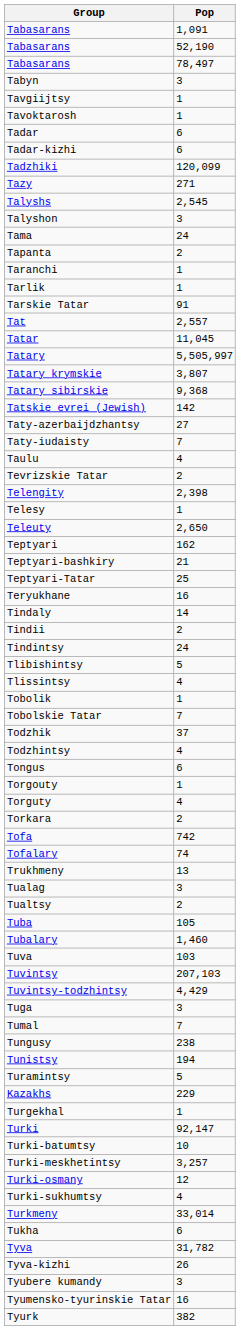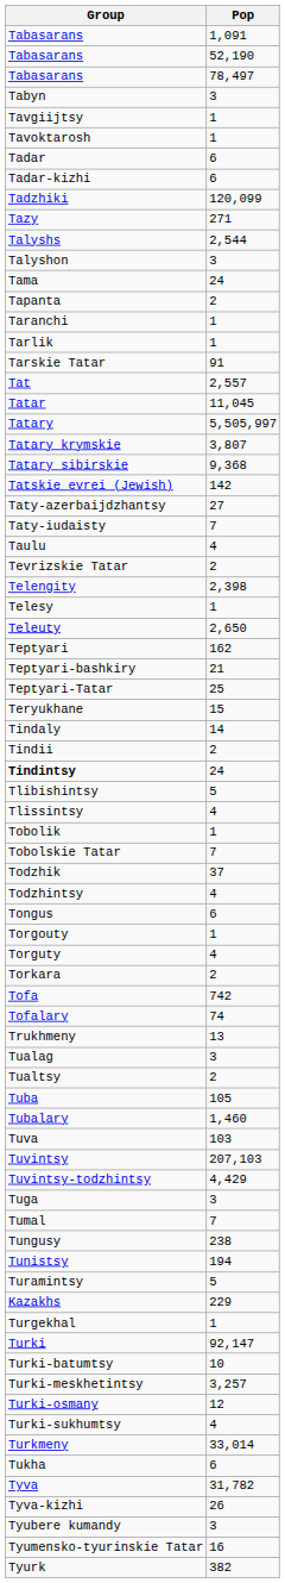 <table class = "wikitable sortable">
 <tr>
 <th>Group</th>
 <th>Pop</th>
 </tr>
 <tr>
 <td><a href='#'>Tabasarans</a></td>
 <td>1,091</td>
 </tr>
 <tr>
 <td><a href='#'>Tabasarans</a></td>
 <td>52,190</td>
 </tr>
 <tr>
 <td><a href='#'>Tabasarans</a></td>
 <td>78,497</td>
 </tr>
 <tr>
 <td>Tabyn</td>
 <td>3</td>
 </tr>
 <tr>
 <td>Tavgiijtsy</td>
 <td>1</td>
 </tr>
 <tr>
 <td>Tavoktarosh</td>
 <td>1</td>
 </tr>
 <tr>
 <td>Tadar</td>
 <td>6</td>
 </tr>
 <tr>
 <td>Tadar-kizhi</td>
 <td>6</td>
 </tr>
 <tr>
 <td><a href='#'>Tadzhiki</a></td>
 <td>120,099</td>
 </tr>
 <tr>
 <td><a href='#'>Tazy</a></td>
 <td>271</td>
 </tr>
 <tr>
 <td><a href='#'>Talyshs</a></td>
-<td>2,545</td>
+<td>2,544</td>
 </tr>
 <tr>
 <td>Talyshon</td>
 <td>3</td>
 </tr>
 <tr>
 <td>Tama</td>
 <td>24</td>
 </tr>
 <tr>
 <td>Tapanta</td>
 <td>2</td>
 </tr>
 <tr>
 <td>Taranchi</td>
 <td>1</td>
 </tr>
 <tr>
 <td>Tarlik</td>
 <td>1</td>
 </tr>
 <tr>
 <td>Tarskie Tatar</td>
 <td>91</td>
 </tr>
 <tr>
 <td><a href='#'>Tat</a></td>
 <td>2,557</td>
 </tr>
 <tr>
 <td><a href='#'>Tatar</a></td>
 <td>11,045</td>
 </tr>
 <tr>
 <td><a href='#'>Tatary</a></td>
 <td>5,505,997</td>
 </tr>
 <tr>
 <td><a href='#'>Tatary krymskie</a></td>
 <td>3,807</td>
 </tr>
 <tr>
 <td><a href='#'>Tatary sibirskie</a></td>
 <td>9,368</td>
 </tr>
 <tr>
 <td><a href='#'>Tatskie evrei (Jewish)</a></td>
 <td>142</td>
 </tr>
 <tr>
 <td>Taty-azerbaijdzhantsy</td>
 <td>27</td>
 </tr>
 <tr>
 <td>Taty-iudaisty</td>
 <td>7</td>
 </tr>
 <tr>
 <td>Taulu</td>
 <td>4</td>
 </tr>
 <tr>
 <td>Tevrizskie Tatar</td>
 <td>2</td>
 </tr>
 <tr>
 <td><a href='#'>Telengity</a></td>
 <td>2,398</td>
 </tr>
 <tr>
 <td>Telesy</td>
 <td>1</td>
 </tr>
 <tr>
 <td><a href='#'>Teleuty</a></td>
 <td>2,650</td>
 </tr>
 <tr>
 <td>Teptyari</td>
 <td>162</td>
 </tr>
 <tr>
 <td>Teptyari-bashkiry</td>
 <td>21</td>
 </tr>
 <tr>
 <td>Teptyari-Tatar</td>
 <td>25</td>
 </tr>
 <tr>
 <td>Teryukhane</td>
-<td>16</td>
+<td>15</td>
 </tr>
 <tr>
 <td>Tindaly</td>
 <td>14</td>
 </tr>
 <tr>
 <td>Tindii</td>
 <td>2</td>
 </tr>
 <tr>
-<td>Tindintsy</td>
+<td><strong>Tindintsy</strong></td>
 <td>24</td>
 </tr>
 <tr>
 <td>Tlibishintsy</td>
 <td>5</td>
 </tr>
 <tr>
 <td>Tlissintsy</td>
 <td>4</td>
 </tr>
 <tr>
 <td>Tobolik</td>
 <td>1</td>
 </tr>
 <tr>
 <td>Tobolskie Tatar</td>
 <td>7</td>
 </tr>
 <tr>
 <td>Todzhik</td>
 <td>37</td>
 </tr>
 <tr>
 <td>Todzhintsy</td>
 <td>4</td>
 </tr>
 <tr>
 <td>Tongus</td>
 <td>6</td>
 </tr>
 <tr>
 <td>Torgouty</td>
 <td>1</td>
 </tr>
 <tr>
 <td>Torguty</td>
 <td>4</td>
 </tr>
 <tr>
 <td>Torkara</td>
 <td>2</td>
 </tr>
 <tr>
 <td><a href='#'>Tofa</a></td>
 <td>742</td>
 </tr>
 <tr>
 <td><a href='#'>Tofalary</a></td>
 <td>74</td>
 </tr>
 <tr>
 <td>Trukhmeny</td>
 <td>13</td>
 </tr>
 <tr>
 <td>Tualag</td>
 <td>3</td>
 </tr>
 <tr>
 <td>Tualtsy</td>
 <td>2</td>
 </tr>
 <tr>
 <td><a href='#'>Tuba</a></td>
 <td>105</td>
 </tr>
 <tr>
 <td><a href='#'>Tubalary</a></td>
 <td>1,460</td>
 </tr>
 <tr>
 <td>Tuva</td>
 <td>103</td>
 </tr>
 <tr>
 <td><a href='#'>Tuvintsy</a></td>
 <td>207,103</td>
 </tr>
 <tr>
 <td><a href='#'>Tuvintsy-todzhintsy</a></td>
 <td>4,429</td>
 </tr>
 <tr>
 <td>Tuga</td>
 <td>3</td>
 </tr>
 <tr>
 <td>Tumal</td>
 <td>7</td>
 </tr>
 <tr>
 <td>Tungusy</td>
 <td>238</td>
 </tr>
 <tr>
 <td><a href='#'>Tunistsy</a></td>
 <td>194</td>
 </tr>
 <tr>
 <td>Turamintsy</td>
 <td>5</td>
 </tr>
 <tr>
 <td><a href='#'>Kazakhs</a></td>
 <td>229</td>
 </tr>
 <tr>
 <td>Turgekhal</td>
 <td>1</td>
 </tr>
 <tr>
 <td><a href='#'>Turki</a></td>
 <td>92,147</td>
 </tr>
 <tr>
 <td>Turki-batumtsy</td>
 <td>10</td>
 </tr>
 <tr>
 <td>Turki-meskhetintsy</td>
 <td>3,257</td>
 </tr>
 <tr>
 <td><a href='#'>Turki-osmany</a></td>
 <td>12</td>
 </tr>
 <tr>
 <td>Turki-sukhumtsy</td>
 <td>4</td>
 </tr>
 <tr>
 <td><a href='#'>Turkmeny</a></td>
 <td>33,014</td>
 </tr>
 <tr>
 <td>Tukha</td>
 <td>6</td>
 </tr>
 <tr>
 <td><a href='#'>Tyva</a></td>
 <td>31,782</td>
 </tr>
 <tr>
 <td>Tyva-kizhi</td>
 <td>26</td>
 </tr>
 <tr>
 <td>Tyubere kumandy</td>
 <td>3</td>
 </tr>
 <tr>
 <td>Tyumensko-tyurinskie Tatar</td>
 <td>16</td>
 </tr>
 <tr>
 <td>Tyurk</td>
 <td>382</td>
 </tr>
 </table>
